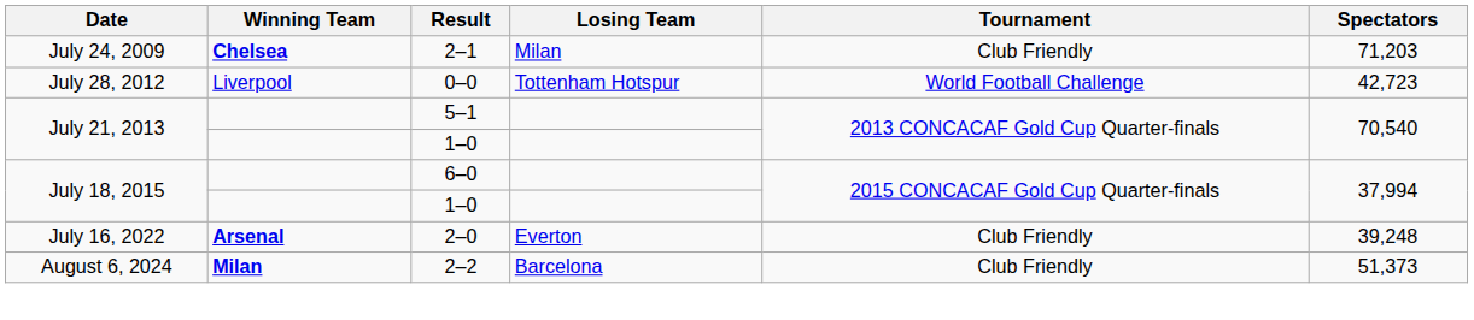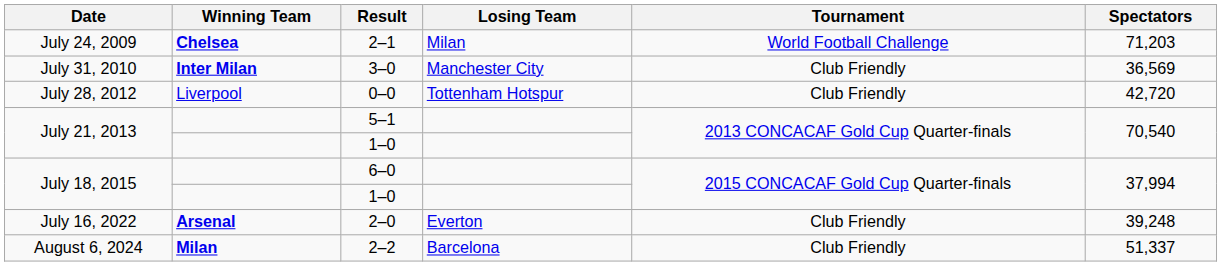 <table class="wikitable" style="text-align:left; width:95%;" style="text-align:center">
 <tr>
 <th style="text-align:center; ">Date</th>
 <th style="text-align:center; ">Winning Team</th>
 <th style="text-align:center; ">Result</th>
 <th style="text-align:center; ">Losing Team</th>
 <th style="text-align:center; ">Tournament</th>
 <th style="text-align:center; ">Spectators</th>
 </tr>
 <tr>
 <td style="text-align:center;">July 24, 2009</td>
 <td><strong> <a href='#'>Chelsea</a></strong></td>
 <td style="text-align:center;">2–1</td>
 <td> <a href='#'>Milan</a></td>
+<td style="text-align:center;"><a href='#'>World Football Challenge</a></td>
+<td style="text-align:center;">71,203</td>
+</tr>
+<tr>
+<td style="text-align:center;">July 31, 2010</td>
+<td><strong> <a href='#'>Inter Milan</a></strong></td>
+<td style="text-align:center;">3–0</td>
+<td> <a href='#'>Manchester City</a></td>
 <td style="text-align:center;">Club Friendly</td>
-<td style="text-align:center;">71,203</td>
+<td style="text-align:center;">36,569</td>
 </tr>
 <tr>
 <td style="text-align:center;">July 28, 2012</td>
 <td> <a href='#'>Liverpool</a></td>
 <td style="text-align:center;">0–0</td>
 <td> <a href='#'>Tottenham Hotspur</a></td>
-<td style="text-align:center;"><a href='#'>World Football Challenge</a></td>
-<td style="text-align:center;">42,723</td>
+<td style="text-align:center;">Club Friendly</td>
+<td style="text-align:center;">42,720</td>
 </tr>
 <tr>
 <td style="text-align:center;" rowspan=2>July 21, 2013</td>
 <td><strong></strong></td>
 <td style="text-align:center;">5–1</td>
 <td></td>
 <td style="text-align:center;" rowspan=2><a href='#'>2013 CONCACAF Gold Cup</a> Quarter-finals</td>
 <td style="text-align:center;" rowspan=2>70,540</td>
 </tr>
 <tr>
 <td><strong></strong></td>
 <td style="text-align:center;">1–0</td>
 <td></td>
 </tr>
 <tr>
 <td style="text-align:center;" rowspan=2>July 18, 2015</td>
 <td><strong></strong></td>
 <td style="text-align:center;">6–0</td>
 <td></td>
 <td style="text-align:center;" rowspan=2><a href='#'>2015 CONCACAF Gold Cup</a> Quarter-finals</td>
 <td style="text-align:center;" rowspan=2>37,994</td>
 </tr>
 <tr>
 <td><strong></strong></td>
 <td style="text-align:center;">1–0</td>
 <td></td>
 </tr>
 <tr>
 <td style="text-align:center;">July 16, 2022</td>
 <td><strong> <a href='#'>Arsenal</a></strong></td>
 <td style="text-align:center;">2–0</td>
 <td> <a href='#'>Everton</a></td>
 <td style="text-align:center;">Club Friendly</td>
 <td style="text-align:center;">39,248</td>
 </tr>
 <tr>
 <td style="text-align:center;">August 6, 2024</td>
 <td> <strong><a href='#'>Milan</a></strong></td>
 <td style="text-align:center;">2–2 </td>
 <td> <a href='#'>Barcelona</a></td>
 <td style="text-align:center;">Club Friendly</td>
-<td style="text-align:center;">51,373</td>
+<td style="text-align:center;">51,337</td>
 </tr>
 </table>
